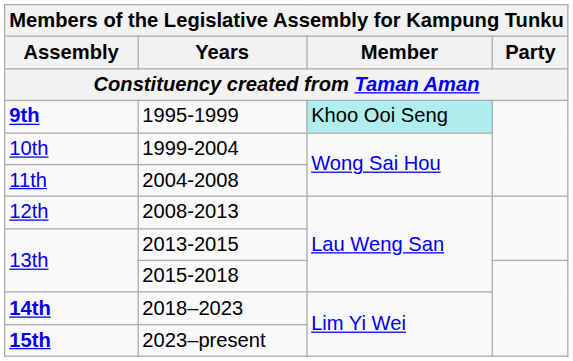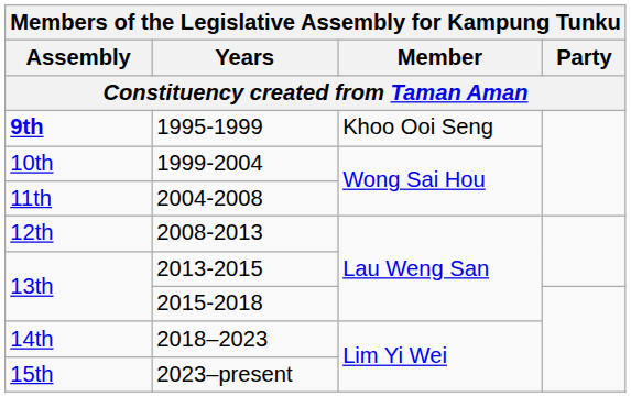 <table class=wikitable>
 <tr>
 <th colspan=4>Members of the Legislative Assembly for Kampung Tunku</th>
 </tr>
 <tr>
 <th>Assembly</th>
 <th>Years</th>
 <th>Member</th>
 <th>Party</th>
 </tr>
 <tr>
 <th colspan=4 align=center><em>Constituency created from <a href='#'>Taman Aman</a></em></th>
 </tr>
 <tr>
 <td><strong><a href='#'>9th</a></strong></td>
 <td>1995-1999</td>
-<td style="background: paleturquoise;">Khoo Ooi Seng</td>
+<td>Khoo Ooi Seng</td>
 <td rowspan=3></td>
 </tr>
 <tr>
 <td><a href='#'>10th</a></td>
 <td>1999-2004</td>
 <td rowspan=2><a href='#'>Wong Sai Hou</a></td>
 </tr>
 <tr>
 <td><a href='#'>11th</a></td>
 <td>2004-2008</td>
 </tr>
 <tr>
 <td><a href='#'>12th</a></td>
 <td>2008-2013</td>
 <td rowspan=3><a href='#'>Lau Weng San</a></td>
 <td rowspan=2></td>
 </tr>
 <tr>
 <td rowspan=2><a href='#'>13th</a></td>
 <td>2013-2015</td>
 </tr>
 <tr>
 <td>2015-2018</td>
 <td rowspan=3></td>
 </tr>
 <tr>
-<td><strong><a href='#'>14th</a></strong></td>
+<td><a href='#'>14th</a></td>
 <td>2018–2023</td>
 <td rowspan=2><a href='#'>Lim Yi Wei</a></td>
 </tr>
 <tr>
-<td><strong><a href='#'>15th</a></strong></td>
+<td><a href='#'>15th</a></td>
 <td>2023–present</td>
 </tr>
 </table>
